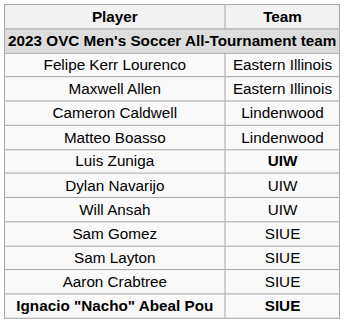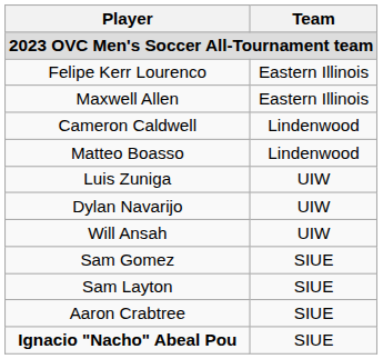 <table class="wikitable" style="white-space:nowrap; font-size:90%; text-align: center;">
 <tr>
 <th>Player</th>
 <th>Team</th>
 </tr>
 <tr>
 <td colspan="2" style="text-align:center; background:#ddd;"><strong>2023 OVC Men's Soccer All-Tournament team</strong></td>
 </tr>
 <tr>
 <td>Felipe Kerr Lourenco</td>
 <td>Eastern Illinois</td>
 </tr>
 <tr>
 <td>Maxwell Allen</td>
 <td>Eastern Illinois</td>
 </tr>
 <tr>
 <td>Cameron Caldwell</td>
 <td>Lindenwood</td>
 </tr>
 <tr>
 <td>Matteo Boasso</td>
 <td>Lindenwood</td>
 </tr>
 <tr>
 <td>Luis Zuniga</td>
-<td><strong>UIW</strong></td>
+<td>UIW</td>
 </tr>
 <tr>
 <td>Dylan Navarijo</td>
 <td>UIW</td>
 </tr>
 <tr>
 <td>Will Ansah</td>
 <td>UIW</td>
 </tr>
 <tr>
 <td>Sam Gomez</td>
 <td>SIUE</td>
 </tr>
 <tr>
 <td>Sam Layton</td>
 <td>SIUE</td>
 </tr>
 <tr>
 <td>Aaron Crabtree</td>
 <td>SIUE</td>
 </tr>
 <tr>
 <td><strong>Ignacio "Nacho" Abeal Pou</strong></td>
-<td><strong>SIUE</strong></td>
+<td>SIUE</td>
 </tr>
 </table>
